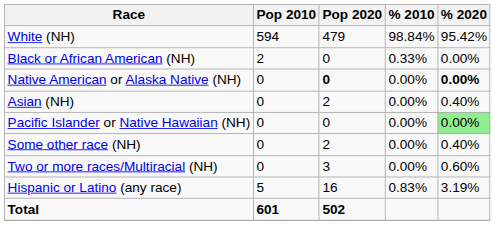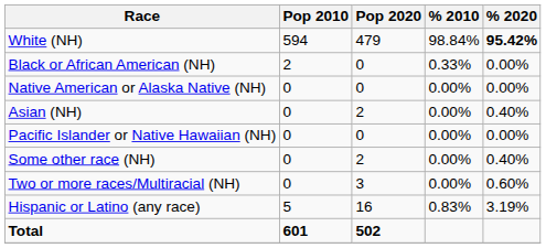 <table class="wikitable">
 <tr>
 <th>Race</th>
 <th>Pop 2010</th>
 <th>Pop 2020</th>
 <th>% 2010</th>
 <th>% 2020</th>
 </tr>
 <tr>
 <td><a href='#'>White</a> (NH)</td>
 <td>594</td>
 <td>479</td>
 <td>98.84%</td>
-<td>95.42%</td>
+<td><strong>95.42%</strong></td>
 </tr>
 <tr>
 <td><a href='#'>Black or African American</a> (NH)</td>
 <td>2</td>
 <td>0</td>
 <td>0.33%</td>
 <td>0.00%</td>
 </tr>
 <tr>
 <td><a href='#'>Native American</a> or <a href='#'>Alaska Native</a> (NH)</td>
 <td>0</td>
-<td><strong>0</strong></td>
+<td>0</td>
 <td>0.00%</td>
-<td><strong>0.00%</strong></td>
+<td>0.00%</td>
 </tr>
 <tr>
 <td><a href='#'>Asian</a> (NH)</td>
 <td>0</td>
 <td>2</td>
 <td>0.00%</td>
 <td>0.40%</td>
 </tr>
 <tr>
 <td><a href='#'>Pacific Islander</a> or <a href='#'>Native Hawaiian</a> (NH)</td>
 <td>0</td>
 <td>0</td>
 <td>0.00%</td>
-<td style="background: lightgreen;">0.00%</td>
+<td>0.00%</td>
 </tr>
 <tr>
 <td><a href='#'>Some other race</a> (NH)</td>
 <td>0</td>
 <td>2</td>
 <td>0.00%</td>
 <td>0.40%</td>
 </tr>
 <tr>
 <td><a href='#'>Two or more races/Multiracial</a> (NH)</td>
 <td>0</td>
 <td>3</td>
 <td>0.00%</td>
 <td>0.60%</td>
 </tr>
 <tr>
 <td><a href='#'>Hispanic or Latino</a> (any race)</td>
 <td>5</td>
 <td>16</td>
 <td>0.83%</td>
 <td>3.19%</td>
 </tr>
 <tr>
 <td><strong>Total</strong></td>
 <td><strong>601</strong></td>
 <td><strong>502</strong></td>
 <td></td>
 <td></td>
 </tr>
 <tr>
 </tr>
 </table>
